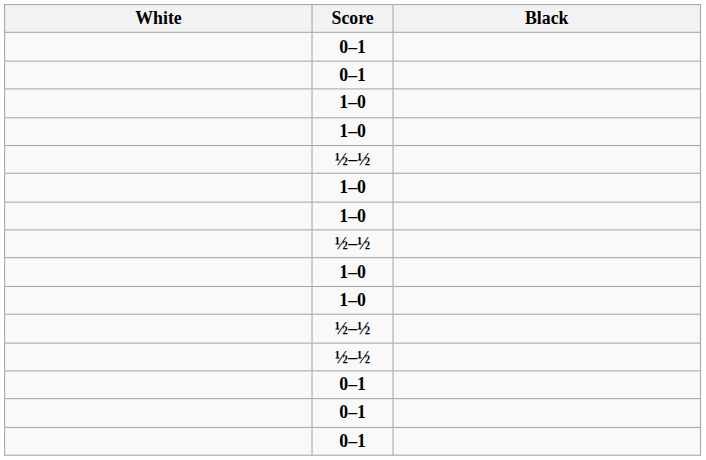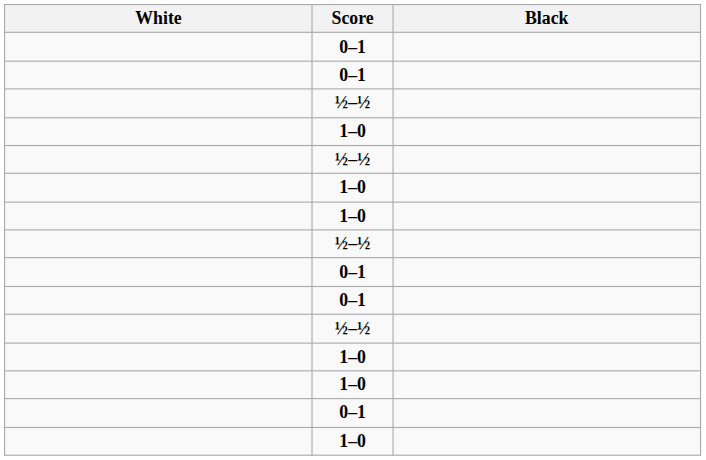 <table class="wikitable" style="text-align: center;">
 <tr>
 <th align="right" width="270">White</th>
 <th width="65">Score</th>
 <th align="left" width="270">Black</th>
 </tr>
 <tr>
 <td align=left></td>
 <td align=center><strong>0–1</strong></td>
 <td align=left><strong></strong></td>
 </tr>
 <tr>
 <td align=left></td>
 <td align=center><strong>0–1</strong></td>
 <td align=left><strong></strong></td>
 </tr>
 <tr>
 <td align=left><strong></strong></td>
-<td align=center><strong>1–0</strong></td>
+<td align=center><strong>½–½</strong></td>
 <td align=left></td>
 </tr>
 <tr>
 <td align=left><strong></strong></td>
 <td align=center><strong>1–0</strong></td>
 <td align=left></td>
 </tr>
 <tr>
 <td align=left></td>
 <td align=center><strong>½–½</strong></td>
 <td align=left></td>
 </tr>
 <tr>
 <td align=left><strong></strong></td>
 <td align=center><strong>1–0</strong></td>
 <td align=left></td>
 </tr>
 <tr>
 <td align=left></td>
 <td align=center><strong>1–0</strong></td>
 <td align=left></td>
 </tr>
 <tr>
 <td align=left></td>
 <td align=center><strong>½–½</strong></td>
 <td align=left></td>
 </tr>
 <tr>
 <td align=left></td>
-<td align=center><strong>1–0</strong></td>
+<td align=center><strong>0–1</strong></td>
 <td align=left><strong></strong></td>
 </tr>
 <tr>
 <td align=left><strong></strong></td>
-<td align=center><strong>1–0</strong></td>
+<td align=center><strong>0–1</strong></td>
 <td align=left></td>
 </tr>
 <tr>
 <td align=left></td>
 <td align=center><strong>½–½</strong></td>
 <td align=left></td>
 </tr>
 <tr>
 <td align=left><strong></strong></td>
-<td align=center><strong>½–½</strong></td>
+<td align=center><strong>1–0</strong></td>
 <td align=left></td>
 </tr>
 <tr>
 <td align=left><strong></strong></td>
-<td align=center><strong>0–1</strong></td>
+<td align=center><strong>1–0</strong></td>
 <td align=left></td>
 </tr>
 <tr>
 <td align=left></td>
 <td align=center><strong>0–1</strong></td>
 <td align=left><strong></strong></td>
 </tr>
 <tr>
 <td align=left></td>
-<td align=center><strong>0–1</strong></td>
+<td align=center><strong>1–0</strong></td>
 <td align=left><strong></strong></td>
 </tr>
 </table>
